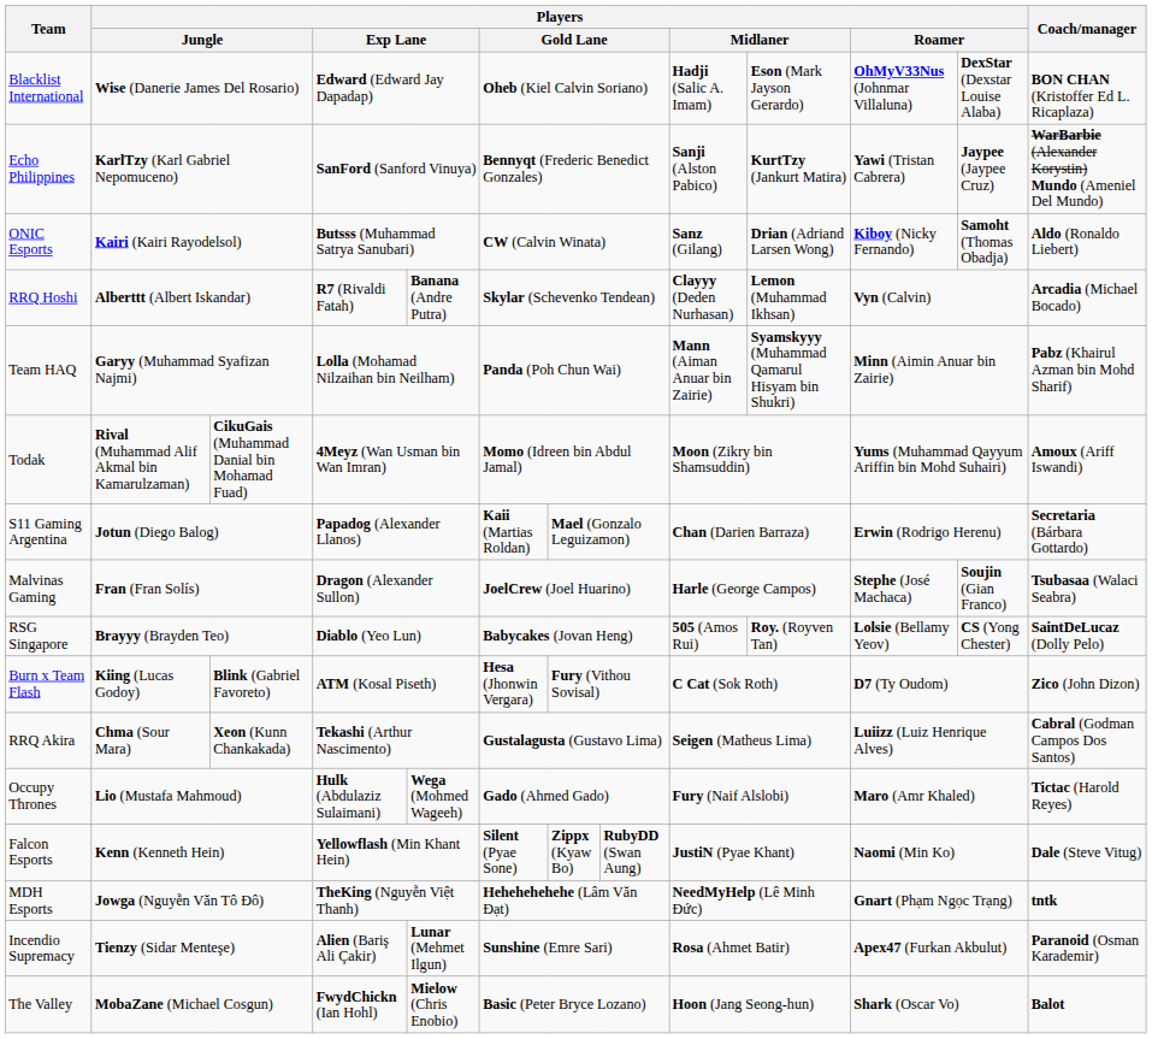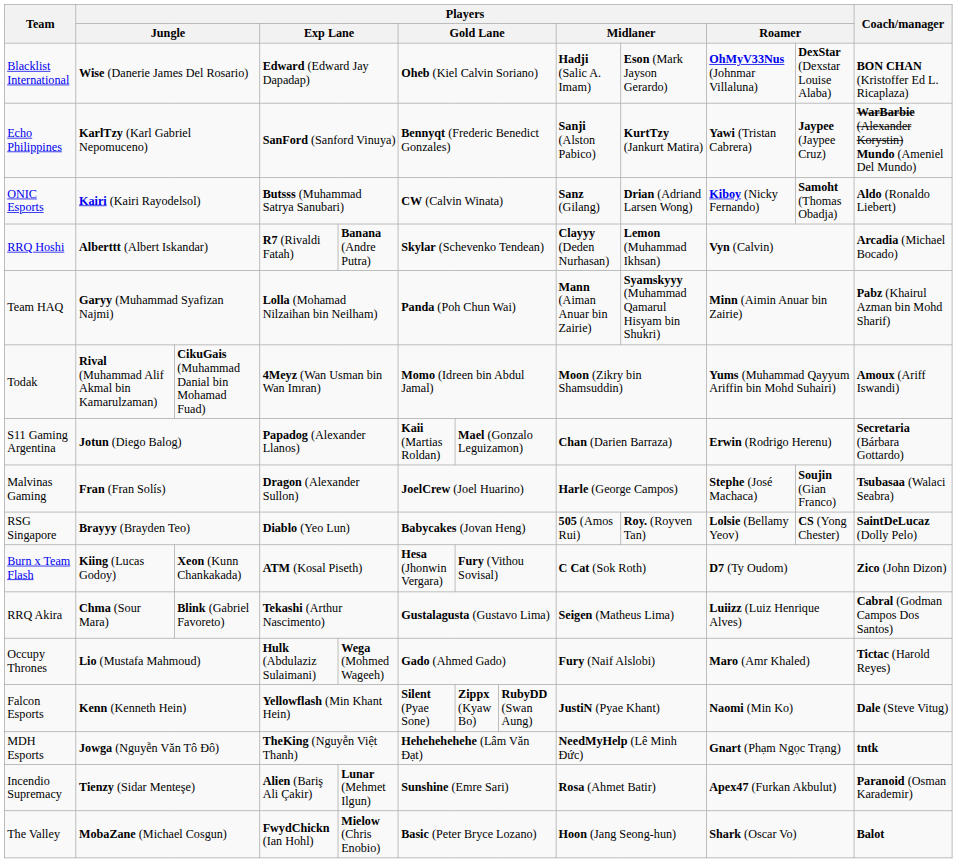 <table class="wikitable">
 <tr>
 <th rowspan="2">Team</th>
 <th colspan="11">Players</th>
 <th rowspan="2">Coach/manager</th>
 </tr>
 <tr>
 <th colspan="2">Jungle</th>
 <th colspan="2">Exp Lane</th>
 <th colspan="3">Gold Lane</th>
 <th colspan="2">Midlaner</th>
 <th colspan="2">Roamer</th>
 </tr>
 <tr>
 <td> <a href='#'>Blacklist International</a></td>
 <td colspan="2"> <strong>Wise</strong> (Danerie James Del Rosario)</td>
 <td colspan="2"> <strong>Edward</strong> (Edward Jay Dapadap)</td>
 <td colspan="3"> <strong>Oheb</strong> (Kiel Calvin Soriano)</td>
 <td> <strong>Hadji</strong> (Salic A. Imam)</td>
 <td> <strong>Eson</strong> (Mark Jayson Gerardo)</td>
 <td> <strong><a href='#'>OhMyV33Nus</a></strong> (Johnmar Villaluna)</td>
 <td>  <strong>DexStar</strong> (Dexstar Louise Alaba)</td>
 <td><br><strong>BON CHAN</strong> (Kristoffer Ed L. Ricaplaza)</td>
 </tr>
 <tr>
 <td> <a href='#'>Echo Philippines</a></td>
 <td colspan="2"> <strong>KarlTzy</strong> (Karl Gabriel Nepomuceno)</td>
 <td colspan="2"> <strong>SanFord</strong> (Sanford Vinuya)</td>
 <td colspan="3"> <strong>Bennyqt</strong> (Frederic Benedict Gonzales)</td>
 <td> <strong>Sanji</strong> (Alston Pabico)</td>
 <td> <strong>KurtTzy</strong> (Jankurt Matira)</td>
 <td> <strong>Yawi</strong> (Tristan Cabrera)</td>
 <td> <strong>Jaypee</strong> (Jaypee Cruz)</td>
 <td><s> <strong>WarBarbie</strong> (Alexander Korystin)</s><br> <strong>Mundo</strong> (Ameniel Del Mundo)</td>
 </tr>
 <tr>
 <td> <a href='#'>ONIC Esports</a></td>
 <td colspan="2"> <strong><a href='#'>Kairi</a></strong> (Kairi Rayodelsol)</td>
 <td colspan="2"> <strong>Butsss</strong> (Muhammad Satrya Sanubari)</td>
 <td colspan="3"> <strong>CW</strong> (Calvin Winata)</td>
 <td> <strong>Sanz</strong> (Gilang)</td>
 <td> <strong>Drian</strong> (Adriand Larsen Wong)</td>
 <td> <strong><a href='#'>Kiboy</a></strong> (Nicky Fernando)</td>
 <td> <strong>Samoht</strong>  (Thomas Obadja)</td>
 <td> <strong>Aldo</strong> (Ronaldo Liebert)</td>
 </tr>
 <tr>
 <td> <a href='#'>RRQ Hoshi</a></td>
 <td colspan="2"> <strong>Alberttt</strong> (Albert Iskandar)</td>
 <td> <strong>R7</strong> (Rivaldi Fatah)</td>
 <td> <strong>Banana</strong> (Andre Putra)</td>
 <td colspan="3"><strong>Skylar</strong> (Schevenko Tendean)</td>
 <td> <strong>Clayyy</strong> (Deden Nurhasan)</td>
 <td> <strong>Lemon</strong> (Muhammad Ikhsan)</td>
 <td colspan="2"> <strong>Vyn</strong> (Calvin)</td>
 <td> <strong>Arcadia</strong> (Michael Bocado)</td>
 </tr>
 <tr>
 <td> Team HAQ</td>
 <td colspan="2"> <strong>Garyy</strong> (Muhammad  Syafizan Najmi)</td>
 <td colspan="2"> <strong>Lolla</strong> (Mohamad  Nilzaihan bin Neilham)</td>
 <td colspan="3"> <strong>Panda</strong> (Poh Chun Wai)</td>
 <td> <strong>Mann</strong> (Aiman Anuar bin Zairie)</td>
 <td> <strong>Syamskyyy</strong> (Muhammad Qamarul Hisyam bin Shukri)</td>
 <td colspan="2"> <strong>Minn</strong> (Aimin Anuar bin Zairie)</td>
 <td> <strong>Pabz</strong> (Khairul Azman bin Mohd Sharif)</td>
 </tr>
 <tr>
 <td> Todak</td>
 <td> <strong>Rival</strong> (Muhammad Alif Akmal bin Kamarulzaman)</td>
 <td> <strong>CikuGais</strong> (Muhammad Danial bin Mohamad Fuad)</td>
 <td colspan="2"> <strong>4Meyz</strong> (Wan Usman bin Wan Imran)</td>
 <td colspan="3"> <strong>Momo</strong> (Idreen bin Abdul Jamal)</td>
 <td colspan="2"> <strong>Moon</strong> (Zikry bin Shamsuddin)</td>
 <td colspan="2"> <strong>Yums</strong> (Muhammad Qayyum Ariffin bin Mohd Suhairi)</td>
 <td> <strong>Amoux</strong> (Ariff Iswandi)</td>
 </tr>
 <tr>
 <td> S11 Gaming Argentina</td>
 <td colspan="2"> <strong>Jotun</strong> (Diego Balog)</td>
 <td colspan="2"> <strong>Papadog</strong> (Alexander Llanos)</td>
 <td> <strong>Kaii</strong> (Martias Roldan)</td>
 <td colspan="2"> <strong>Mael</strong> (Gonzalo Leguizamon)</td>
 <td colspan="2"> <strong>Chan</strong> (Darien Barraza)</td>
 <td colspan="2"> <strong>Erwin</strong> (Rodrigo Herenu)</td>
 <td> <strong>Secretaria</strong> (Bárbara Gottardo)</td>
 </tr>
 <tr>
 <td> Malvinas Gaming</td>
 <td colspan="2"> <strong>Fran</strong> (Fran Solís)</td>
 <td colspan="2"> <strong>Dragon</strong> (Alexander Sullon)</td>
 <td colspan="3"> <strong>JoelCrew</strong> (Joel Huarino)</td>
 <td colspan="2"> <strong>Harle</strong> (George Campos)</td>
 <td> <strong>Stephe</strong> (José Machaca)</td>
 <td> <strong>Soujin</strong> (Gian Franco)</td>
 <td> <strong>Tsubasaa</strong> (Walaci Seabra)</td>
 </tr>
 <tr>
 <td> RSG Singapore</td>
 <td colspan="2"> <strong>Brayyy</strong> (Brayden Teo)</td>
 <td colspan="2"> <strong>Diablo</strong> (Yeo Lun)</td>
 <td colspan="3"> <strong>Babycakes</strong> (Jovan Heng)</td>
 <td> <strong>505</strong> (Amos Rui)</td>
 <td> <strong>Roy.</strong> (Royven Tan)</td>
 <td> <strong>Lolsie</strong> (Bellamy Yeov)</td>
 <td> <strong>CS</strong> (Yong Chester)</td>
 <td> <strong>SaintDeLucaz</strong> (Dolly Pelo)</td>
 </tr>
 <tr>
 <td> <a href='#'>Burn x Team Flash</a></td>
 <td> <strong>Kiing</strong> (Lucas Godoy)</td>
-<td> <strong>Blink</strong> (Gabriel Favoreto)</td>
+<td> <strong>Xeon</strong> (Kunn  Chankakada)</td>
 <td colspan="2"> <strong>ATM</strong> (Kosal Piseth)</td>
 <td> <strong>Hesa</strong> (Jhonwin Vergara)</td>
 <td colspan="2"> <strong>Fury</strong> (Vithou Sovisal)</td>
 <td colspan="2"> <strong>C Cat</strong> (Sok Roth)</td>
 <td colspan="2"> <strong>D7</strong> (Ty Oudom)</td>
 <td> <strong>Zico</strong> (John Dizon)</td>
 </tr>
 <tr>
 <td> RRQ Akira</td>
 <td> <strong>Chma</strong> (Sour Mara)</td>
-<td> <strong>Xeon</strong> (Kunn  Chankakada)</td>
+<td> <strong>Blink</strong> (Gabriel Favoreto)</td>
 <td colspan="2"> <strong>Tekashi</strong> (Arthur Nascimento)</td>
 <td colspan="3"> <strong>Gustalagusta</strong> (Gustavo Lima)</td>
 <td colspan="2"> <strong>Seigen</strong> (Matheus Lima)</td>
 <td colspan="2"> <strong>Luiizz</strong> (Luiz Henrique Alves)</td>
 <td> <strong>Cabral</strong> (Godman Campos Dos Santos)</td>
 </tr>
 <tr>
 <td> Occupy Thrones</td>
 <td colspan="2"> <strong>Lio</strong> (Mustafa Mahmoud)</td>
 <td> <strong>Hulk</strong> (Abdulaziz Sulaimani)</td>
 <td> <strong>Wega</strong> (Mohmed Wageeh)</td>
 <td colspan="3"> <strong>Gado</strong> (Ahmed Gado)</td>
 <td colspan="2"> <strong>Fury</strong> (Naif Alslobi)</td>
 <td colspan="2"> <strong>Maro</strong> (Amr Khaled)</td>
 <td> <strong>Tictac</strong> (Harold Reyes)</td>
 </tr>
 <tr>
 <td> Falcon Esports</td>
 <td colspan="2"> <strong>Kenn</strong> (Kenneth Hein)</td>
 <td colspan="2"> <strong>Yellowflash</strong> (Min Khant Hein)</td>
 <td> <strong>Silent</strong> (Pyae Sone)</td>
 <td> <strong>Zippx</strong> (Kyaw Bo)</td>
 <td> <strong>RubyDD</strong> (Swan  Aung)</td>
 <td colspan="2"> <strong>JustiN</strong> (Pyae Khant)</td>
 <td colspan="2"> <strong>Naomi</strong> (Min Ko)</td>
 <td> <strong>Dale</strong> (Steve Vitug)</td>
 </tr>
 <tr>
 <td> MDH Esports</td>
 <td colspan="2"> <strong>Jowga</strong> (Nguyễn Văn Tô Đô)</td>
 <td colspan="2"> <strong>TheKing</strong> (Nguyễn Việt Thanh)</td>
 <td colspan="3"> <strong>Hehehehehehe</strong> (Lâm Văn Đạt)</td>
 <td colspan="2"> <strong>NeedMyHelp</strong> (Lê Minh Đức)</td>
 <td colspan="2"> <strong>Gnart</strong> (Phạm Ngọc Trạng)</td>
 <td> <strong>tntk</strong></td>
 </tr>
 <tr>
 <td> Incendio Supremacy</td>
 <td colspan="2"> <strong>Tienzy</strong> (Sidar Menteşe)</td>
 <td> <strong>Alien</strong> (Bariş Ali Çakir)</td>
 <td> <strong>Lunar</strong> (Mehmet Ilgun)</td>
 <td colspan="3"> <strong>Sunshine</strong> (Emre Sari)</td>
 <td colspan="2"> <strong>Rosa</strong> (Ahmet Batir)</td>
 <td colspan="2"> <strong>Apex47</strong> (Furkan Akbulut)</td>
 <td> <strong>Paranoid</strong> (Osman Karademir)</td>
 </tr>
 <tr>
 <td> The Valley</td>
 <td colspan="2"> <strong>MobaZane</strong> (Michael Cosgun)</td>
 <td>  <strong>FwydChickn</strong> (Ian Hohl)</td>
 <td> <strong>Mielow</strong> (Chris Enobio)</td>
 <td colspan="3"> <strong>Basic</strong> (Peter Bryce Lozano)</td>
 <td colspan="2"> <strong>Hoon</strong> (Jang Seong-hun)</td>
 <td colspan="2"> <strong>Shark</strong> (Oscar Vo)</td>
 <td> <strong>Balot</strong></td>
 </tr>
 </table>
